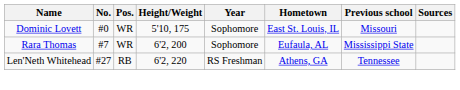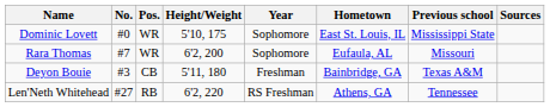 <table class="wikitable sortable sortable" style="text-align: center">
 <tr align=center>
 <th style="text-align:center; ">Name</th>
 <th style="text-align:center; ">No.</th>
 <th style="text-align:center; ">Pos.</th>
 <th style="text-align:center; ">Height/Weight</th>
 <th style="text-align:center; ">Year</th>
 <th style="text-align:center; ">Hometown</th>
 <th style="text-align:center; ">Previous school</th>
 <th style="text-align:center; ">Sources</th>
 </tr>
 <tr>
 <td><a href='#'>Dominic Lovett</a></td>
 <td>#0</td>
 <td>WR</td>
 <td>5'10, 175</td>
 <td>Sophomore</td>
 <td><a href='#'>East St. Louis, IL</a></td>
-<td><a href='#'>Missouri</a></td>
+<td><a href='#'>Mississippi State</a></td>
 <td></td>
 </tr>
 <tr>
 <td><a href='#'>Rara Thomas</a></td>
 <td>#7</td>
 <td>WR</td>
 <td>6'2, 200</td>
 <td>Sophomore</td>
 <td><a href='#'>Eufaula, AL</a></td>
-<td><a href='#'>Mississippi State</a></td>
+<td><a href='#'>Missouri</a></td>
+<td></td>
+</tr>
+<tr>
+<td><a href='#'>Deyon Bouie</a></td>
+<td>#3</td>
+<td>CB</td>
+<td>5'11, 180</td>
+<td>Freshman</td>
+<td><a href='#'>Bainbridge, GA</a></td>
+<td><a href='#'>Texas A&M</a></td>
 <td></td>
 </tr>
 <tr>
 <td>Len'Neth Whitehead</td>
 <td>#27</td>
 <td>RB</td>
 <td>6'2, 220</td>
 <td>RS Freshman</td>
 <td><a href='#'>Athens, GA</a></td>
 <td><a href='#'>Tennessee</a></td>
 <td></td>
 </tr>
 </table>
